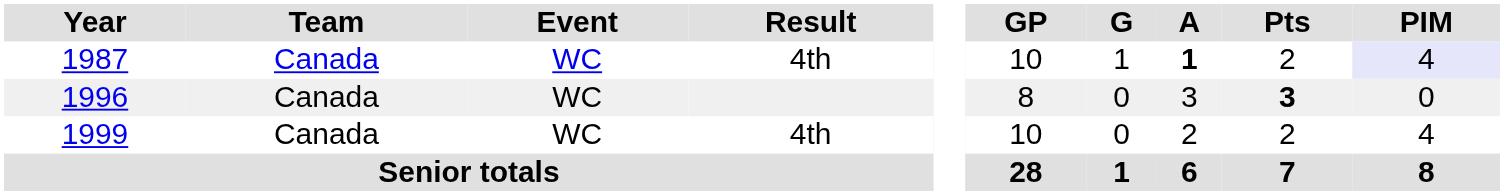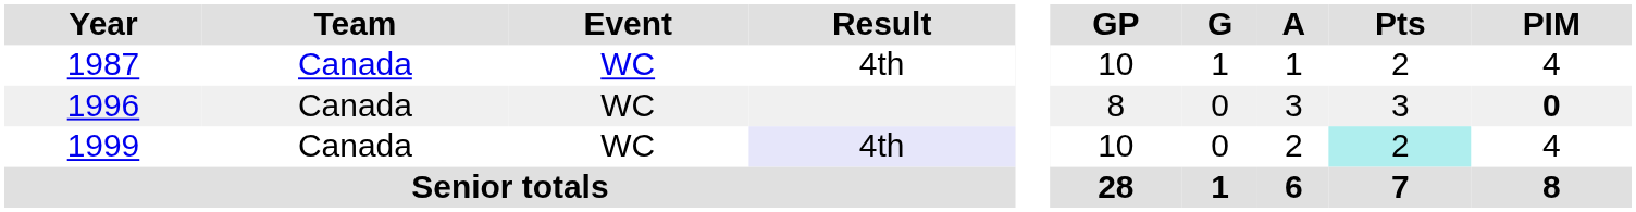 <table border="0" cellpadding="1" cellspacing="0" style="text-align:center; width:50em">
 <tr ALIGN="center" bgcolor="#e0e0e0">
 <th>Year</th>
 <th>Team</th>
 <th>Event</th>
 <th>Result</th>
 <th rowspan="99" bgcolor="#ffffff"> </th>
 <th>GP</th>
 <th>G</th>
 <th>A</th>
 <th>Pts</th>
 <th>PIM</th>
 </tr>
 <tr>
 <td><a href='#'>1987</a></td>
 <td><a href='#'>Canada</a></td>
 <td><a href='#'>WC</a></td>
 <td>4th</td>
 <td>10</td>
 <td>1</td>
-<td><strong>1</strong></td>
+<td>1</td>
 <td>2</td>
-<td style="background: lavender;">4</td>
+<td>4</td>
 </tr>
 <tr bgcolor="#f0f0f0">
 <td><a href='#'>1996</a></td>
 <td>Canada</td>
 <td>WC</td>
 <td></td>
 <td>8</td>
 <td>0</td>
 <td>3</td>
-<td><strong>3</strong></td>
-<td>0</td>
+<td>3</td>
+<td><strong>0</strong></td>
 </tr>
 <tr>
 <td><a href='#'>1999</a></td>
 <td>Canada</td>
 <td>WC</td>
-<td>4th</td>
+<td style="background: lavender;">4th</td>
 <td>10</td>
 <td>0</td>
 <td>2</td>
-<td>2</td>
+<td style="background: paleturquoise;">2</td>
 <td>4</td>
 </tr>
 <tr bgcolor="#e0e0e0">
 <th colspan=4>Senior totals</th>
 <th>28</th>
 <th>1</th>
 <th>6</th>
 <th>7</th>
 <th>8</th>
 </tr>
 </table>
